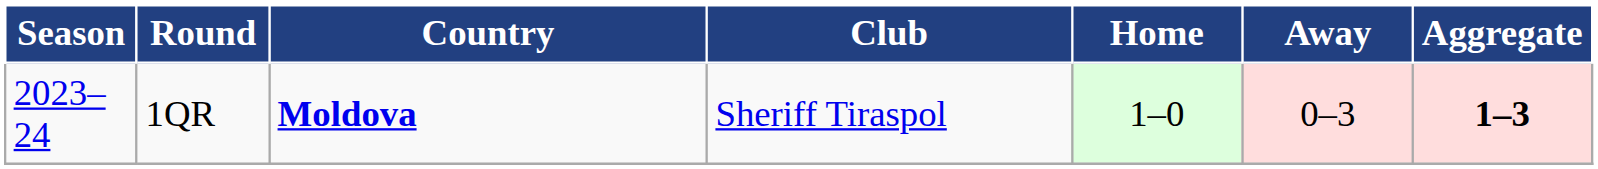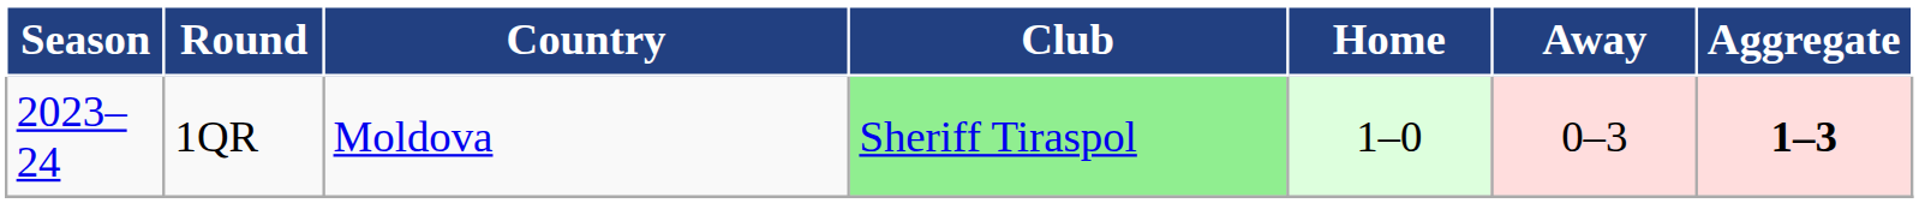 <table class="wikitable" style="text-align: center;">
 <tr>
 <th width="50" style="background:#224081;color:#FFFFFF;border:1px solid #FFFFFF">Season</th>
 <th width="50" style="background:#224081;color:#FFFFFF;border:1px solid #FFFFFF">Round</th>
 <th width="183" style="background:#224081;color:#FFFFFF;border:1px solid #FFFFFF">Country</th>
 <th width="151" style="background:#224081;color:#FFFFFF;border:1px solid #FFFFFF">Club</th>
 <th width="67" style="background:#224081;color:#FFFFFF;border:1px solid #FFFFFF">Home</th>
 <th width="67" style="background:#224081;color:#FFFFFF;border:1px solid #FFFFFF">Away</th>
 <th width="67" style="background:#224081;color:#FFFFFF;border:1px solid #FFFFFF">Aggregate</th>
 </tr>
 <tr>
 <td align=left><a href='#'>2023–24</a></td>
 <td align=left>1QR</td>
-<td align=left><strong> <a href='#'>Moldova</a></strong></td>
-<td align=left><a href='#'>Sheriff Tiraspol</a></td>
+<td align=left> <a href='#'>Moldova</a></td>
+<td align=left style="background: lightgreen;"><a href='#'>Sheriff Tiraspol</a></td>
 <td bgcolor="#ddffdd" style="text-align:center;">1–0</td>
 <td bgcolor="#ffdddd" style="text-align:center;">0–3 </td>
 <td bgcolor="#ffdddd" style="text-align:center;"><strong>1–3</strong></td>
 </tr>
 <tr>
 </tr>
 </table>
